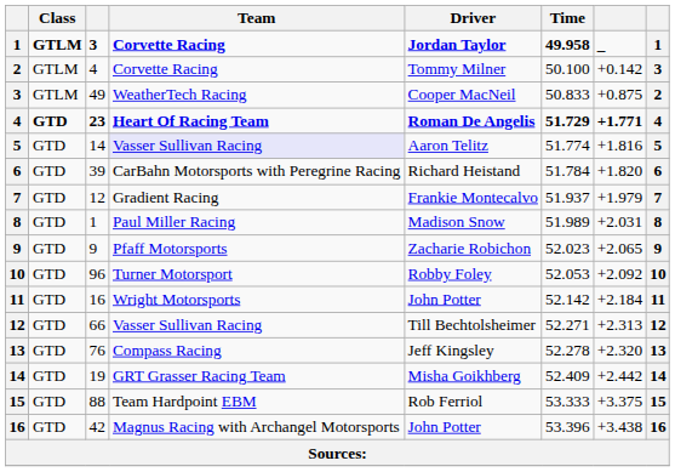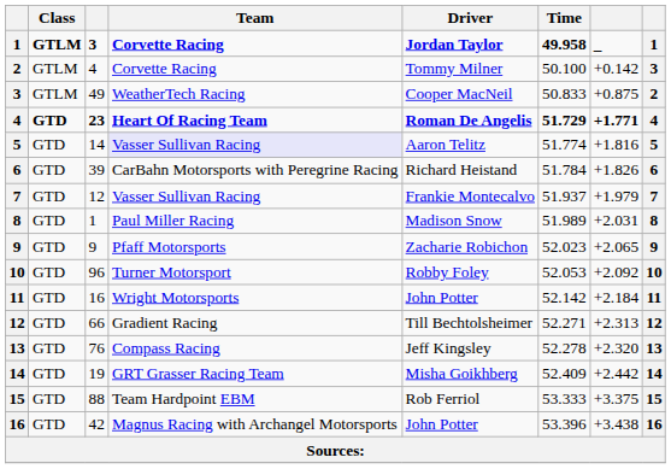 <table class="wikitable">
 <tr>
 <th scope="col"></th>
 <th scope="col">Class</th>
 <th scope="col"></th>
 <th scope="col">Team</th>
 <th scope="col">Driver</th>
 <th scope="col">Time</th>
 <th scope="col"></th>
 <th scope="col"></th>
 </tr>
 <tr style="font-weight:bold">
 <th scope="row">1</th>
 <td>GTLM</td>
 <td>3</td>
 <td> <a href='#'>Corvette Racing</a></td>
 <td> <a href='#'>Jordan Taylor</a></td>
 <td>49.958</td>
 <td><strong>_</strong></td>
 <th><strong>1</strong></th>
 </tr>
 <tr>
 <th scope="row">2</th>
 <td>GTLM</td>
 <td>4</td>
 <td> <a href='#'>Corvette Racing</a></td>
 <td> <a href='#'>Tommy Milner</a></td>
 <td>50.100</td>
 <td>+0.142</td>
 <th>3</th>
 </tr>
 <tr>
 <th scope="row">3</th>
 <td>GTLM</td>
 <td>49</td>
 <td> <a href='#'>WeatherTech Racing</a></td>
 <td> <a href='#'>Cooper MacNeil</a></td>
 <td>50.833</td>
 <td>+0.875</td>
 <th>2</th>
 </tr>
 <tr style="font-weight:bold">
 <th scope="row">4</th>
 <td>GTD</td>
 <td>23</td>
 <td> <a href='#'>Heart Of Racing Team</a></td>
 <td> <a href='#'>Roman De Angelis</a></td>
 <td>51.729</td>
 <td>+1.771</td>
 <th><strong>4</strong></th>
 </tr>
 <tr>
 <th scope="row">5</th>
 <td>GTD</td>
 <td>14</td>
 <td style="background: lavender;"> <a href='#'>Vasser Sullivan Racing</a></td>
 <td> <a href='#'>Aaron Telitz</a></td>
 <td>51.774</td>
 <td>+1.816</td>
 <th>5</th>
 </tr>
 <tr>
 <th scope="row">6</th>
 <td>GTD</td>
 <td>39</td>
 <td> CarBahn Motorsports with Peregrine Racing</td>
 <td> Richard Heistand</td>
 <td>51.784</td>
-<td>+1.820</td>
+<td>+1.826</td>
 <th>6</th>
 </tr>
 <tr>
 <th scope="row">7</th>
 <td>GTD</td>
 <td>12</td>
-<td> Gradient Racing</td>
+<td> <a href='#'>Vasser Sullivan Racing</a></td>
 <td> <a href='#'>Frankie Montecalvo</a></td>
 <td>51.937</td>
 <td>+1.979</td>
 <th>7</th>
 </tr>
 <tr>
 <th scope="row">8</th>
 <td>GTD</td>
 <td>1</td>
 <td> <a href='#'>Paul Miller Racing</a></td>
 <td> <a href='#'>Madison Snow</a></td>
 <td>51.989</td>
 <td>+2.031</td>
 <th>8</th>
 </tr>
 <tr>
 <th scope="row">9</th>
 <td>GTD</td>
 <td>9</td>
 <td> <a href='#'>Pfaff Motorsports</a></td>
 <td> <a href='#'>Zacharie Robichon</a></td>
 <td>52.023</td>
 <td>+2.065</td>
 <th>9</th>
 </tr>
 <tr>
 <th scope="row">10</th>
 <td>GTD</td>
 <td>96</td>
 <td> <a href='#'>Turner Motorsport</a></td>
 <td> <a href='#'>Robby Foley</a></td>
 <td>52.053</td>
 <td>+2.092</td>
 <th>10</th>
 </tr>
 <tr>
 <th scope="row">11</th>
 <td>GTD</td>
 <td>16</td>
 <td> <a href='#'>Wright Motorsports</a></td>
 <td> <a href='#'>John Potter</a></td>
 <td>52.142</td>
 <td>+2.184</td>
 <th>11</th>
 </tr>
 <tr>
 <th scope="row">12</th>
 <td>GTD</td>
 <td>66</td>
-<td> <a href='#'>Vasser Sullivan Racing</a></td>
+<td> Gradient Racing</td>
 <td> Till Bechtolsheimer</td>
 <td>52.271</td>
 <td>+2.313</td>
 <th>12</th>
 </tr>
 <tr>
 <th scope="row">13</th>
 <td>GTD</td>
 <td>76</td>
 <td> <a href='#'>Compass Racing</a></td>
 <td> Jeff Kingsley</td>
 <td>52.278</td>
 <td>+2.320</td>
 <th>13</th>
 </tr>
 <tr>
 <th scope="row">14</th>
 <td>GTD</td>
 <td>19</td>
 <td> <a href='#'>GRT Grasser Racing Team</a></td>
 <td> <a href='#'>Misha Goikhberg</a></td>
 <td>52.409</td>
 <td>+2.442</td>
 <th>14</th>
 </tr>
 <tr>
 <th scope="row">15</th>
 <td>GTD</td>
 <td>88</td>
 <td> Team Hardpoint <a href='#'>EBM</a></td>
 <td> Rob Ferriol</td>
 <td>53.333</td>
 <td>+3.375</td>
 <th>15</th>
 </tr>
 <tr>
 <th scope="row">16</th>
 <td>GTD</td>
 <td>42</td>
 <td> <a href='#'>Magnus Racing</a> with Archangel Motorsports</td>
 <td> <a href='#'>John Potter</a></td>
 <td>53.396</td>
 <td>+3.438</td>
 <th>16</th>
 </tr>
 <tr>
 <th colspan="8">Sources:</th>
 </tr>
 <tr>
 </tr>
 </table>
